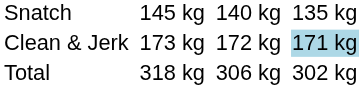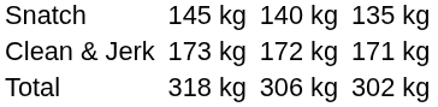 <table>
 <tr>
 <td>Snatch</td>
 <td></td>
 <td>145 kg</td>
 <td></td>
 <td>140 kg</td>
 <td></td>
 <td>135 kg</td>
 </tr>
 <tr>
 <td>Clean & Jerk</td>
 <td></td>
 <td>173 kg</td>
 <td></td>
 <td>172 kg</td>
 <td></td>
-<td style="background: lightblue;">171 kg</td>
+<td>171 kg</td>
 </tr>
 <tr>
 <td>Total</td>
 <td></td>
 <td>318 kg</td>
 <td></td>
 <td>306 kg</td>
 <td></td>
 <td>302 kg</td>
 </tr>
 </table>
